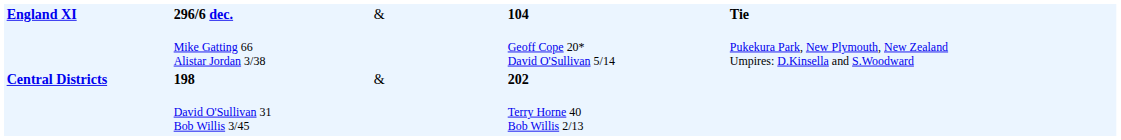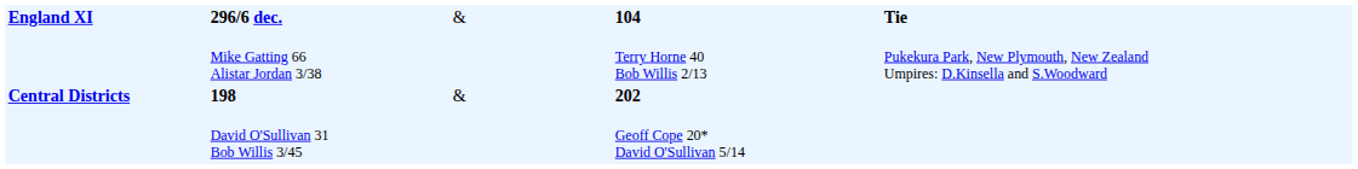 <table width="100%" style="background: #EBF5FF">
 <tr>
 <td width="15%" valign="top" rowspan="2"><strong><a href='#'>England XI</a></strong></td>
 <td width="18%"><strong>296/6 <a href='#'>dec.</a></strong></td>
 <td width="12%">&</td>
 <td width="20%"><strong>104</strong></td>
 <td width="35%"><strong>Tie</strong></td>
 </tr>
 <tr>
 <td style="font-size: 85%;" valign="top"><br><a href='#'>Mike Gatting</a> 66<br> <a href='#'>Alistar Jordan</a> 3/38</td>
 <td></td>
-<td style="font-size: 85%;"><br><a href='#'>Geoff Cope</a> 20*<br> <a href='#'>David O'Sullivan</a> 5/14</td>
+<td valign="top" style="font-size: 85%;"><br><a href='#'>Terry Horne</a> 40<br> <a href='#'>Bob Willis</a> 2/13</td>
 <td valign="top" style="font-size: 85%;" rowspan="3"><br><a href='#'>Pukekura Park</a>, <a href='#'>New Plymouth</a>, <a href='#'>New Zealand</a><br> Umpires: <a href='#'>D.Kinsella</a> and <a href='#'>S.Woodward</a></td>
 </tr>
 <tr>
 <td valign="top" rowspan="2"><strong><a href='#'>Central Districts</a></strong></td>
 <td><strong>198</strong></td>
 <td>&</td>
 <td><strong>202</strong></td>
 </tr>
 <tr>
 <td style="font-size: 85%;"><br><a href='#'>David O'Sullivan</a> 31<br> <a href='#'>Bob Willis</a> 3/45</td>
 <td></td>
-<td valign="top" style="font-size: 85%;"><br><a href='#'>Terry Horne</a> 40<br> <a href='#'>Bob Willis</a> 2/13</td>
+<td style="font-size: 85%;"><br><a href='#'>Geoff Cope</a> 20*<br> <a href='#'>David O'Sullivan</a> 5/14</td>
 </tr>
 </table>
